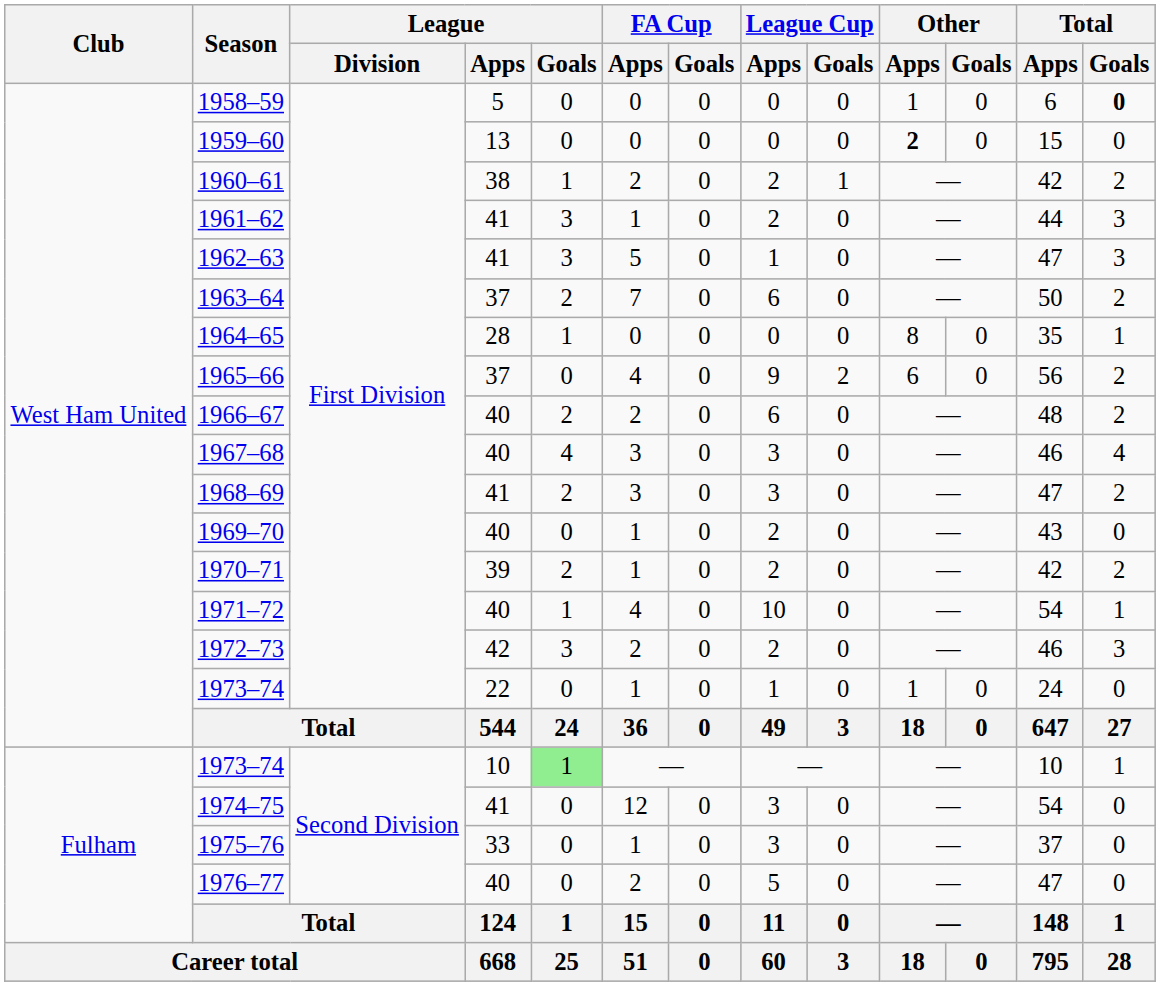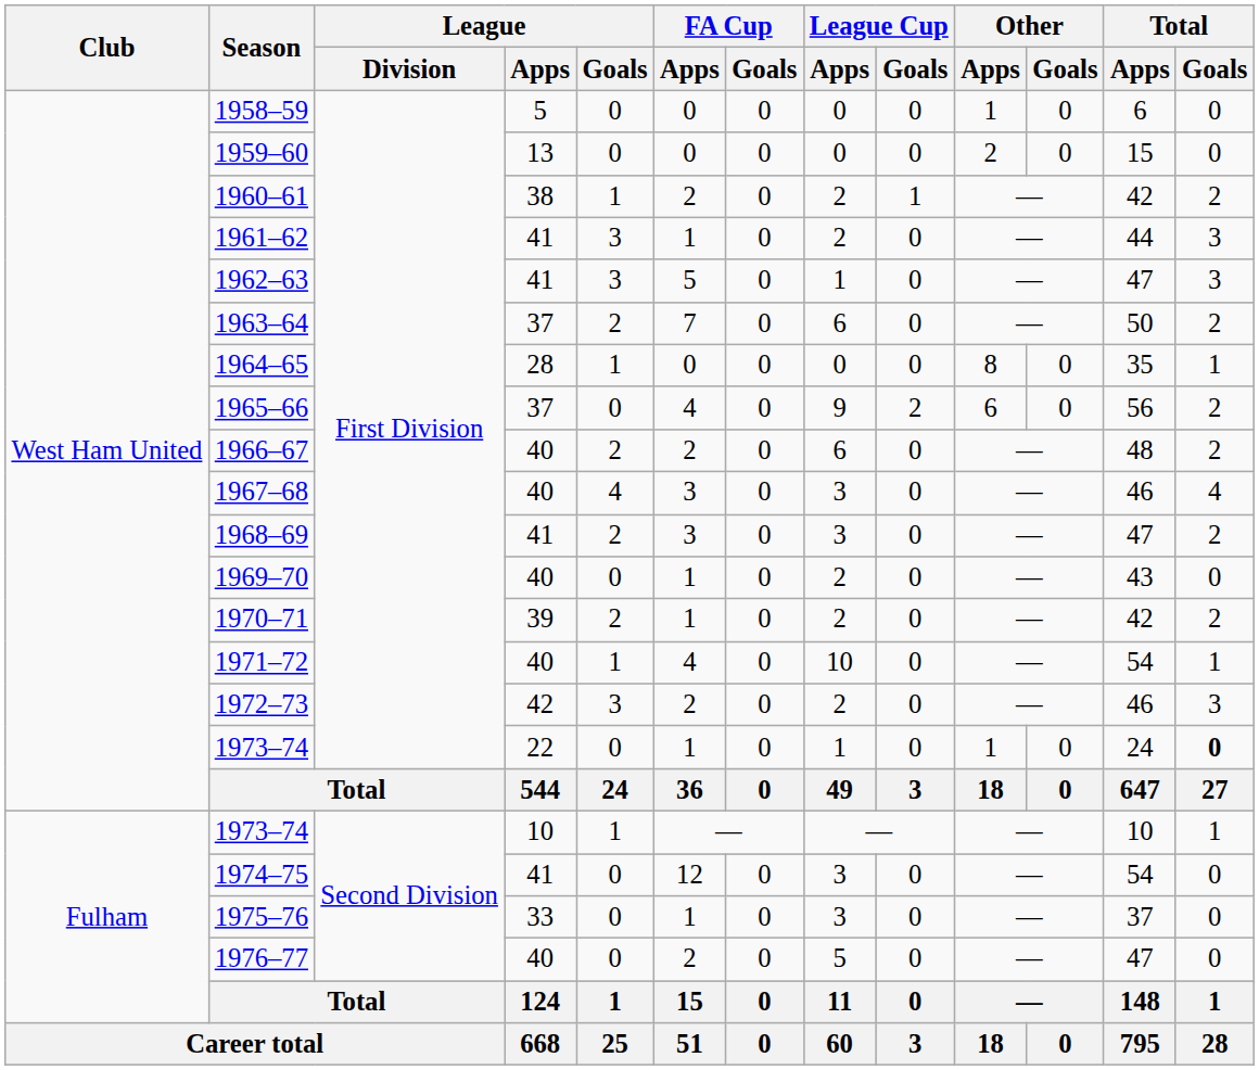 <table class="wikitable" style="text-align:center">
 <tr>
 <th rowspan="2">Club</th>
 <th rowspan="2">Season</th>
 <th colspan="3">League</th>
 <th colspan="2"><a href='#'>FA Cup</a></th>
 <th colspan="2"><a href='#'>League Cup</a></th>
 <th colspan="2">Other</th>
 <th colspan="2">Total</th>
 </tr>
 <tr>
 <th>Division</th>
 <th>Apps</th>
 <th>Goals</th>
 <th>Apps</th>
 <th>Goals</th>
 <th>Apps</th>
 <th>Goals</th>
 <th>Apps</th>
 <th>Goals</th>
 <th>Apps</th>
 <th>Goals</th>
 </tr>
 <tr>
 <td rowspan="17"><a href='#'>West Ham United</a></td>
 <td><a href='#'>1958–59</a></td>
 <td rowspan="16"><a href='#'>First Division</a></td>
 <td>5</td>
 <td>0</td>
 <td>0</td>
 <td>0</td>
 <td>0</td>
 <td>0</td>
 <td>1</td>
 <td>0</td>
 <td>6</td>
-<td><strong>0</strong></td>
+<td>0</td>
 </tr>
 <tr>
 <td><a href='#'>1959–60</a></td>
 <td>13</td>
 <td>0</td>
 <td>0</td>
 <td>0</td>
 <td>0</td>
 <td>0</td>
-<td><strong>2</strong></td>
+<td>2</td>
 <td>0</td>
 <td>15</td>
 <td>0</td>
 </tr>
 <tr>
 <td><a href='#'>1960–61</a></td>
 <td>38</td>
 <td>1</td>
 <td>2</td>
 <td>0</td>
 <td>2</td>
 <td>1</td>
 <td colspan="2">—</td>
 <td>42</td>
 <td>2</td>
 </tr>
 <tr>
 <td><a href='#'>1961–62</a></td>
 <td>41</td>
 <td>3</td>
 <td>1</td>
 <td>0</td>
 <td>2</td>
 <td>0</td>
 <td colspan="2">—</td>
 <td>44</td>
 <td>3</td>
 </tr>
 <tr>
 <td><a href='#'>1962–63</a></td>
 <td>41</td>
 <td>3</td>
 <td>5</td>
 <td>0</td>
 <td>1</td>
 <td>0</td>
 <td colspan="2">—</td>
 <td>47</td>
 <td>3</td>
 </tr>
 <tr>
 <td><a href='#'>1963–64</a></td>
 <td>37</td>
 <td>2</td>
 <td>7</td>
 <td>0</td>
 <td>6</td>
 <td>0</td>
 <td colspan="2">—</td>
 <td>50</td>
 <td>2</td>
 </tr>
 <tr>
 <td><a href='#'>1964–65</a></td>
 <td>28</td>
 <td>1</td>
 <td>0</td>
 <td>0</td>
 <td>0</td>
 <td>0</td>
 <td>8</td>
 <td>0</td>
 <td>35</td>
 <td>1</td>
 </tr>
 <tr>
 <td><a href='#'>1965–66</a></td>
 <td>37</td>
 <td>0</td>
 <td>4</td>
 <td>0</td>
 <td>9</td>
 <td>2</td>
 <td>6</td>
 <td>0</td>
 <td>56</td>
 <td>2</td>
 </tr>
 <tr>
 <td><a href='#'>1966–67</a></td>
 <td>40</td>
 <td>2</td>
 <td>2</td>
 <td>0</td>
 <td>6</td>
 <td>0</td>
 <td colspan="2">—</td>
 <td>48</td>
 <td>2</td>
 </tr>
 <tr>
 <td><a href='#'>1967–68</a></td>
 <td>40</td>
 <td>4</td>
 <td>3</td>
 <td>0</td>
 <td>3</td>
 <td>0</td>
 <td colspan="2">—</td>
 <td>46</td>
 <td>4</td>
 </tr>
 <tr>
 <td><a href='#'>1968–69</a></td>
 <td>41</td>
 <td>2</td>
 <td>3</td>
 <td>0</td>
 <td>3</td>
 <td>0</td>
 <td colspan="2">—</td>
 <td>47</td>
 <td>2</td>
 </tr>
 <tr>
 <td><a href='#'>1969–70</a></td>
 <td>40</td>
 <td>0</td>
 <td>1</td>
 <td>0</td>
 <td>2</td>
 <td>0</td>
 <td colspan="2">—</td>
 <td>43</td>
 <td>0</td>
 </tr>
 <tr>
 <td><a href='#'>1970–71</a></td>
 <td>39</td>
 <td>2</td>
 <td>1</td>
 <td>0</td>
 <td>2</td>
 <td>0</td>
 <td colspan="2">—</td>
 <td>42</td>
 <td>2</td>
 </tr>
 <tr>
 <td><a href='#'>1971–72</a></td>
 <td>40</td>
 <td>1</td>
 <td>4</td>
 <td>0</td>
 <td>10</td>
 <td>0</td>
 <td colspan="2">—</td>
 <td>54</td>
 <td>1</td>
 </tr>
 <tr>
 <td><a href='#'>1972–73</a></td>
 <td>42</td>
 <td>3</td>
 <td>2</td>
 <td>0</td>
 <td>2</td>
 <td>0</td>
 <td colspan="2">—</td>
 <td>46</td>
 <td>3</td>
 </tr>
 <tr>
 <td><a href='#'>1973–74</a></td>
 <td>22</td>
 <td>0</td>
 <td>1</td>
 <td>0</td>
 <td>1</td>
 <td>0</td>
 <td>1</td>
 <td>0</td>
 <td>24</td>
-<td>0</td>
+<td><strong>0</strong></td>
 </tr>
 <tr>
 <th colspan="2">Total</th>
 <th>544</th>
 <th>24</th>
 <th>36</th>
 <th>0</th>
 <th>49</th>
 <th>3</th>
 <th>18</th>
 <th>0</th>
 <th>647</th>
 <th>27</th>
 </tr>
 <tr>
 <td rowspan="5"><a href='#'>Fulham</a></td>
 <td><a href='#'>1973–74</a></td>
 <td rowspan="4"><a href='#'>Second Division</a></td>
 <td>10</td>
-<td style="background: lightgreen;">1</td>
+<td>1</td>
 <td colspan="2">—</td>
 <td colspan="2">—</td>
 <td colspan="2">—</td>
 <td>10</td>
 <td>1</td>
 </tr>
 <tr>
 <td><a href='#'>1974–75</a></td>
 <td>41</td>
 <td>0</td>
 <td>12</td>
 <td>0</td>
 <td>3</td>
 <td>0</td>
 <td colspan="2">—</td>
 <td>54</td>
 <td>0</td>
 </tr>
 <tr>
 <td><a href='#'>1975–76</a></td>
 <td>33</td>
 <td>0</td>
 <td>1</td>
 <td>0</td>
 <td>3</td>
 <td>0</td>
 <td colspan="2">—</td>
 <td>37</td>
 <td>0</td>
 </tr>
 <tr>
 <td><a href='#'>1976–77</a></td>
 <td>40</td>
 <td>0</td>
 <td>2</td>
 <td>0</td>
 <td>5</td>
 <td>0</td>
 <td colspan="2">—</td>
 <td>47</td>
 <td>0</td>
 </tr>
 <tr>
 <th colspan="2">Total</th>
 <th>124</th>
 <th>1</th>
 <th>15</th>
 <th>0</th>
 <th>11</th>
 <th>0</th>
 <th colspan="2">—</th>
 <th>148</th>
 <th>1</th>
 </tr>
 <tr>
 <th colspan="3">Career total</th>
 <th>668</th>
 <th>25</th>
 <th>51</th>
 <th>0</th>
 <th>60</th>
 <th>3</th>
 <th>18</th>
 <th>0</th>
 <th>795</th>
 <th>28</th>
 </tr>
 </table>
